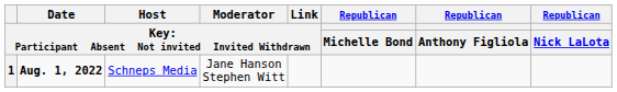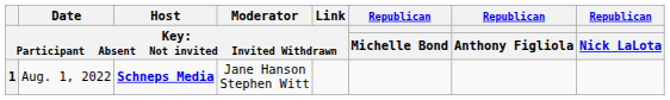 <table class="wikitable" style="text-align:center;">
 <tr>
 <th scope="col"></th>
 <th scope="col">Date</th>
 <th scope="col">Host</th>
 <th scope="col">Moderator</th>
 <th scope="col">Link</th>
 <th scope="col"><small><a href='#'>Republican</a></small></th>
 <th scope="col"><small><a href='#'>Republican</a></small></th>
 <th scope="col"><small><a href='#'>Republican</a></small></th>
 </tr>
 <tr>
 <th colspan="5" rowspan="2">Key:<br> <small>Participant </small>  <small>Absent </small>  <small>Not invited </small>  <small>Invited  Withdrawn</small></th>
 <th scope="col" style="background:"></th>
 <th scope="col" style="background:"></th>
 <th scope="col" style="background:"></th>
 </tr>
 <tr>
 <th scope="col">Michelle Bond</th>
 <th scope="col">Anthony Figliola</th>
 <th scope="col"><a href='#'>Nick LaLota</a></th>
 </tr>
 <tr>
 <th>1</th>
-<td style="white-space:nowrap;"><strong>Aug. 1, 2022</strong></td>
-<td style="white-space:nowrap;"><a href='#'>Schneps Media</a></td>
+<td style="white-space:nowrap;">Aug. 1, 2022</td>
+<td style="white-space:nowrap;"><strong><a href='#'>Schneps Media</a></strong></td>
 <td style="white-space:nowrap;">Jane Hanson<br>Stephen Witt</td>
 <td style="white-space:nowrap;"></td>
 <td></td>
 <td></td>
 <td></td>
 </tr>
 </table>
